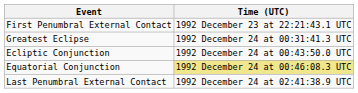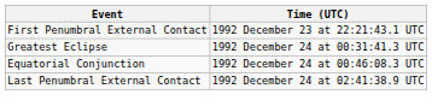 <table class="wikitable">
 <tr>
 <th>Event</th>
 <th>Time (UTC)</th>
 </tr>
 <tr>
 <td>First Penumbral External Contact</td>
 <td>1992 December 23 at 22:21:43.1 UTC</td>
 </tr>
 <tr>
 <td>Greatest Eclipse</td>
 <td>1992 December 24 at 00:31:41.3 UTC</td>
 </tr>
 <tr>
-<td>Ecliptic Conjunction</td>
-<td>1992 December 24 at 00:43:50.0 UTC</td>
-</tr>
-<tr>
 <td>Equatorial Conjunction</td>
-<td style="background: khaki;">1992 December 24 at 00:46:08.3 UTC</td>
+<td>1992 December 24 at 00:46:08.3 UTC</td>
 </tr>
 <tr>
 <td>Last Penumbral External Contact</td>
 <td>1992 December 24 at 02:41:38.9 UTC</td>
 </tr>
 </table>
